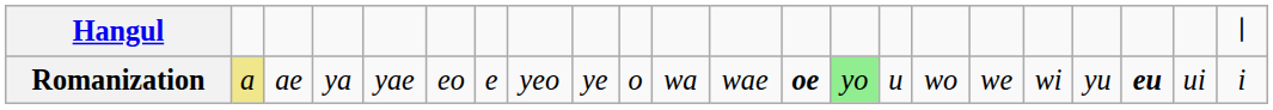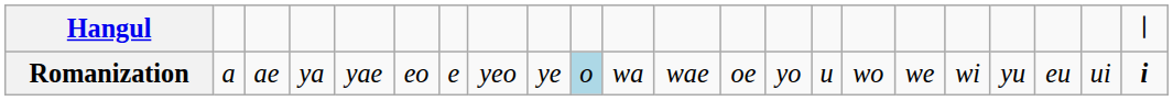 <table class=wikitable width=700 style="text-align:center;">
 <tr>
 <th><a href='#'>Hangul</a></th>
 <td></td>
 <td></td>
 <td></td>
 <td></td>
 <td></td>
 <td></td>
 <td></td>
 <td></td>
 <td></td>
 <td></td>
 <td></td>
 <td></td>
 <td></td>
 <td></td>
 <td></td>
 <td></td>
 <td></td>
 <td></td>
 <td></td>
 <td></td>
 <td>ㅣ</td>
 </tr>
 <tr>
 <th>Romanization</th>
-<td style="background: khaki;"><em>a</em></td>
+<td><em>a</em></td>
 <td><em>ae</em></td>
 <td><em>ya</em></td>
 <td><em>yae</em></td>
 <td><em>eo</em></td>
 <td><em>e</em></td>
 <td><em>yeo</em></td>
 <td><em>ye</em></td>
-<td><em>o</em></td>
+<td style="background: lightblue;"><em>o</em></td>
 <td><em>wa</em></td>
 <td><em>wae</em></td>
-<td><strong><em>oe</em></strong></td>
-<td style="background: lightgreen;"><em>yo</em></td>
+<td><em>oe</em></td>
+<td><em>yo</em></td>
 <td><em>u</em></td>
 <td><em>wo</em></td>
 <td><em>we</em></td>
 <td><em>wi</em></td>
 <td><em>yu</em></td>
-<td><strong><em>eu</em></strong></td>
+<td><em>eu</em></td>
 <td><em>ui</em></td>
-<td><em>i</em></td>
+<td><strong><em>i</em></strong></td>
 </tr>
 </table>
